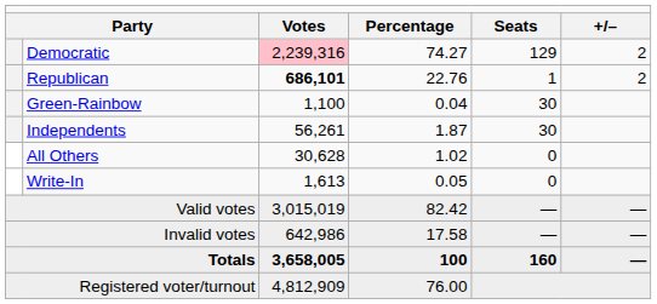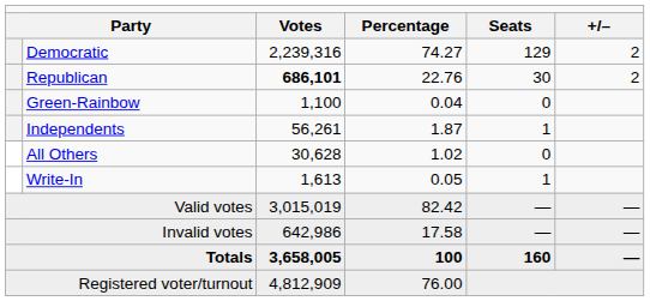 <table class="wikitable" style="font-size:95%;">
 <tr>
 <td colspan=10 align=center></td>
 </tr>
 <tr>
 <th colspan=2 style="width: 15em">Party</th>
 <th style="width: 5em">Votes</th>
 <th style="width: 7em">Percentage</th>
 <th style="width: 5em">Seats</th>
 <th style="width: 5em">+/–</th>
 </tr>
 <tr>
 <th style="background:"></th>
 <td style="width: 130px"><a href='#'>Democratic</a></td>
-<td align="right" style="background: pink;">2,239,316</td>
+<td align="right">2,239,316</td>
 <td align="right">74.27</td>
 <td align="right">129</td>
 <td align="right"> 2</td>
 </tr>
 <tr>
 <th style="background:"></th>
 <td style="width: 130px"><a href='#'>Republican</a></td>
 <td align="right"><strong>686,101</strong></td>
 <td align="right">22.76</td>
-<td align="right">1</td>
+<td align="right">30</td>
 <td align="right"> 2</td>
 </tr>
 <tr>
 <th style="background:"></th>
 <td style="width: 130px"><a href='#'>Green-Rainbow</a></td>
 <td align="right">1,100</td>
 <td align="right">0.04</td>
-<td align="right">30</td>
+<td align="right">0</td>
 <td align="right"></td>
 </tr>
 <tr>
 <th style="background:"></th>
 <td style="width: 130px"><a href='#'>Independents</a></td>
 <td align="right">56,261</td>
 <td align="right">1.87</td>
-<td align="right">30</td>
+<td align="right">1</td>
 <td align="right"></td>
 </tr>
 <tr>
 <th style="background-color:#FFFFFF; width: 3px"></th>
 <td style="width: 130px"><a href='#'>All Others</a></td>
 <td align="right">30,628</td>
 <td align="right">1.02</td>
 <td align="right">0</td>
 <td align="right"></td>
 </tr>
 <tr>
 <th style="background-color:#FFFFFF; width: 3px"></th>
 <td style="width: 130px"><a href='#'>Write-In</a></td>
 <td align="right">1,613</td>
 <td align="right">0.05</td>
-<td align="right">0</td>
+<td align="right">1</td>
 <td align="right"></td>
 </tr>
 <tr bgcolor="#EEEEEE">
 <td colspan="2" align="right">Valid votes</td>
 <td align="right">3,015,019</td>
 <td align="right">82.42</td>
 <td align="right">—</td>
 <td align="right">—</td>
 </tr>
 <tr bgcolor="#EEEEEE">
 <td colspan="2" align="right">Invalid votes</td>
 <td align="right">642,986</td>
 <td align="right">17.58</td>
 <td align="right">—</td>
 <td align="right">—</td>
 </tr>
 <tr bgcolor="#EEEEEE">
 <td colspan="2" align="right"><strong>Totals</strong></td>
 <td align="right"><strong>3,658,005</strong></td>
 <td align="right"><strong>100</strong></td>
 <td align="right"><strong>160</strong></td>
 <td align="right"><strong>—</strong></td>
 </tr>
 <tr bgcolor="#EEEEEE">
 <td colspan="2" align="right">Registered voter/turnout</td>
 <td align="right">4,812,909</td>
 <td align="right">76.00</td>
 <td colspan="2" align="right"></td>
 </tr>
 </table>
